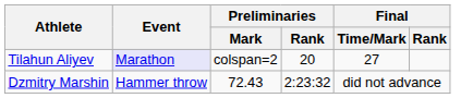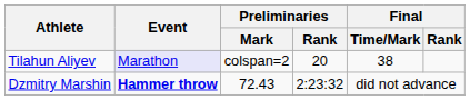 <table class=wikitable style="font-size:90%;">
 <tr>
 <th rowspan=2>Athlete</th>
 <th rowspan=2>Event</th>
 <th colspan=2>Preliminaries</th>
 <th colspan=2>Final</th>
 </tr>
 <tr>
 <th>Mark</th>
 <th>Rank</th>
 <th>Time/Mark</th>
 <th>Rank</th>
 </tr>
 <tr>
 <td><a href='#'>Tilahun Aliyev</a></td>
 <td style="background: lavender;"><a href='#'>Marathon</a></td>
 <td>colspan=2  </td>
 <td align="center">20</td>
-<td align="center">27</td>
+<td align="center">38</td>
 </tr>
 <tr>
 <td><a href='#'>Dzmitry Marshin</a></td>
-<td><a href='#'>Hammer throw</a></td>
+<td><strong><a href='#'>Hammer throw</a></strong></td>
 <td align="center">72.43</td>
 <td align="center">2:23:32</td>
 <td align="center" colspan=2>did not advance</td>
 </tr>
 </table>
